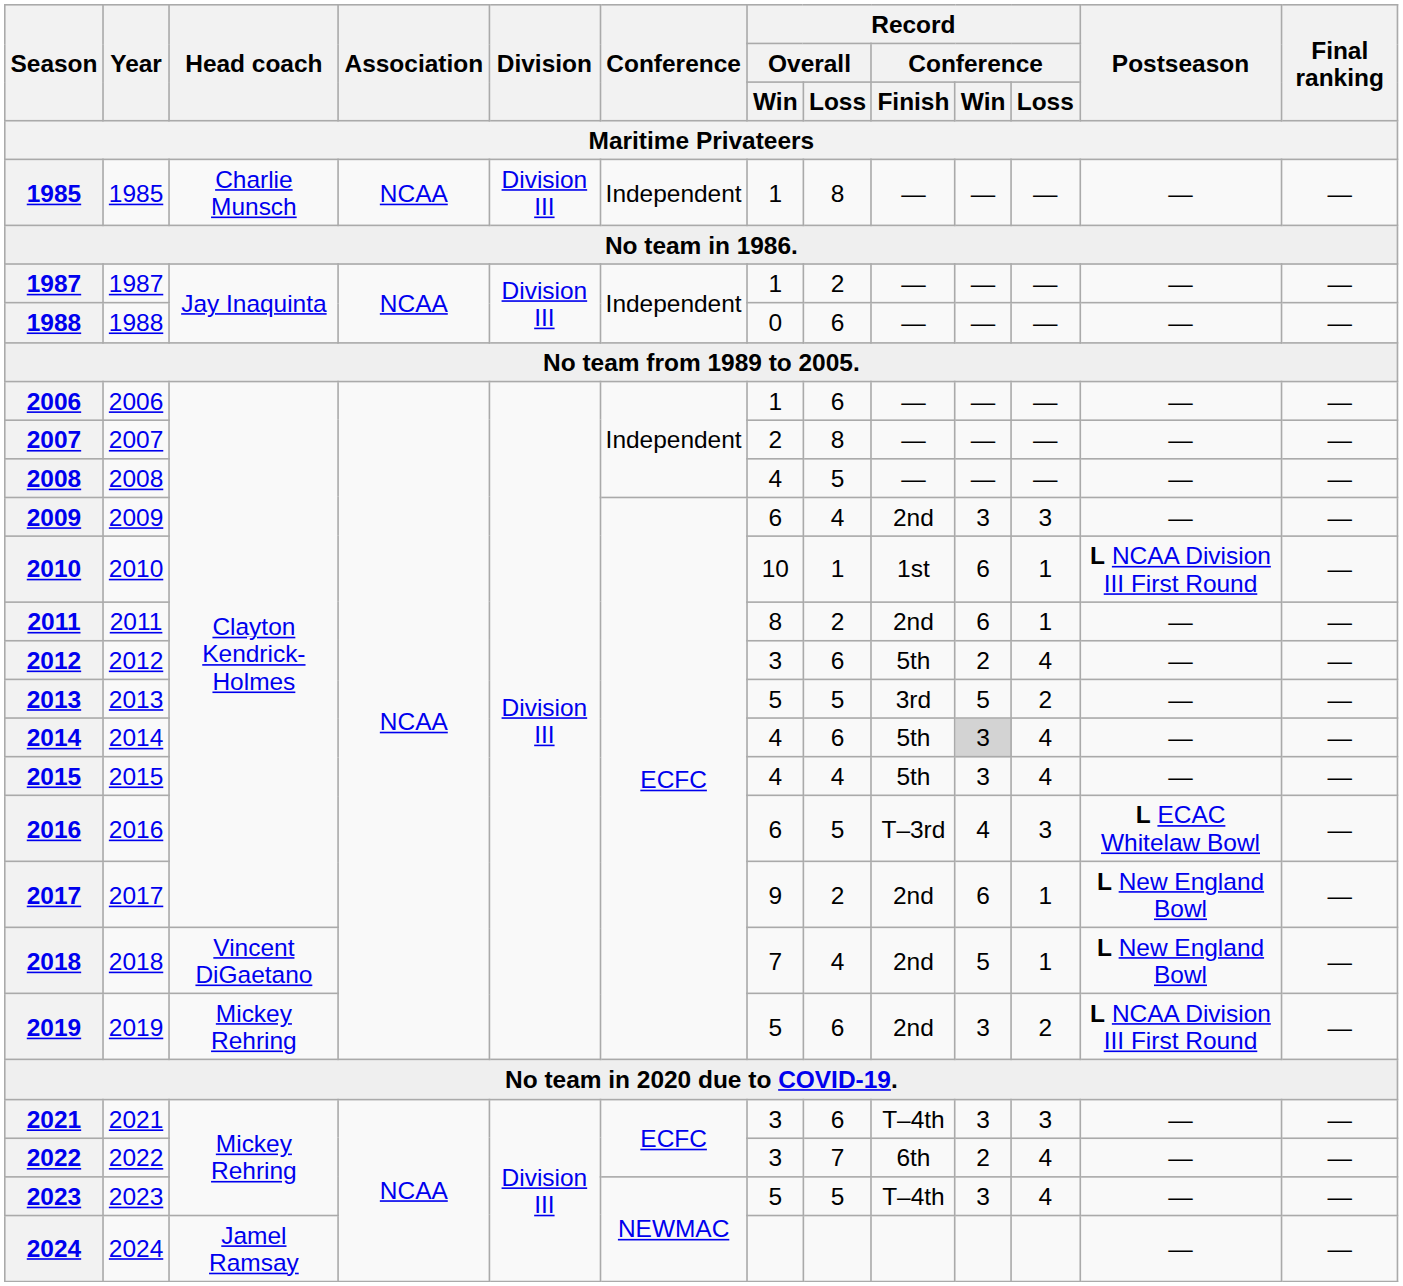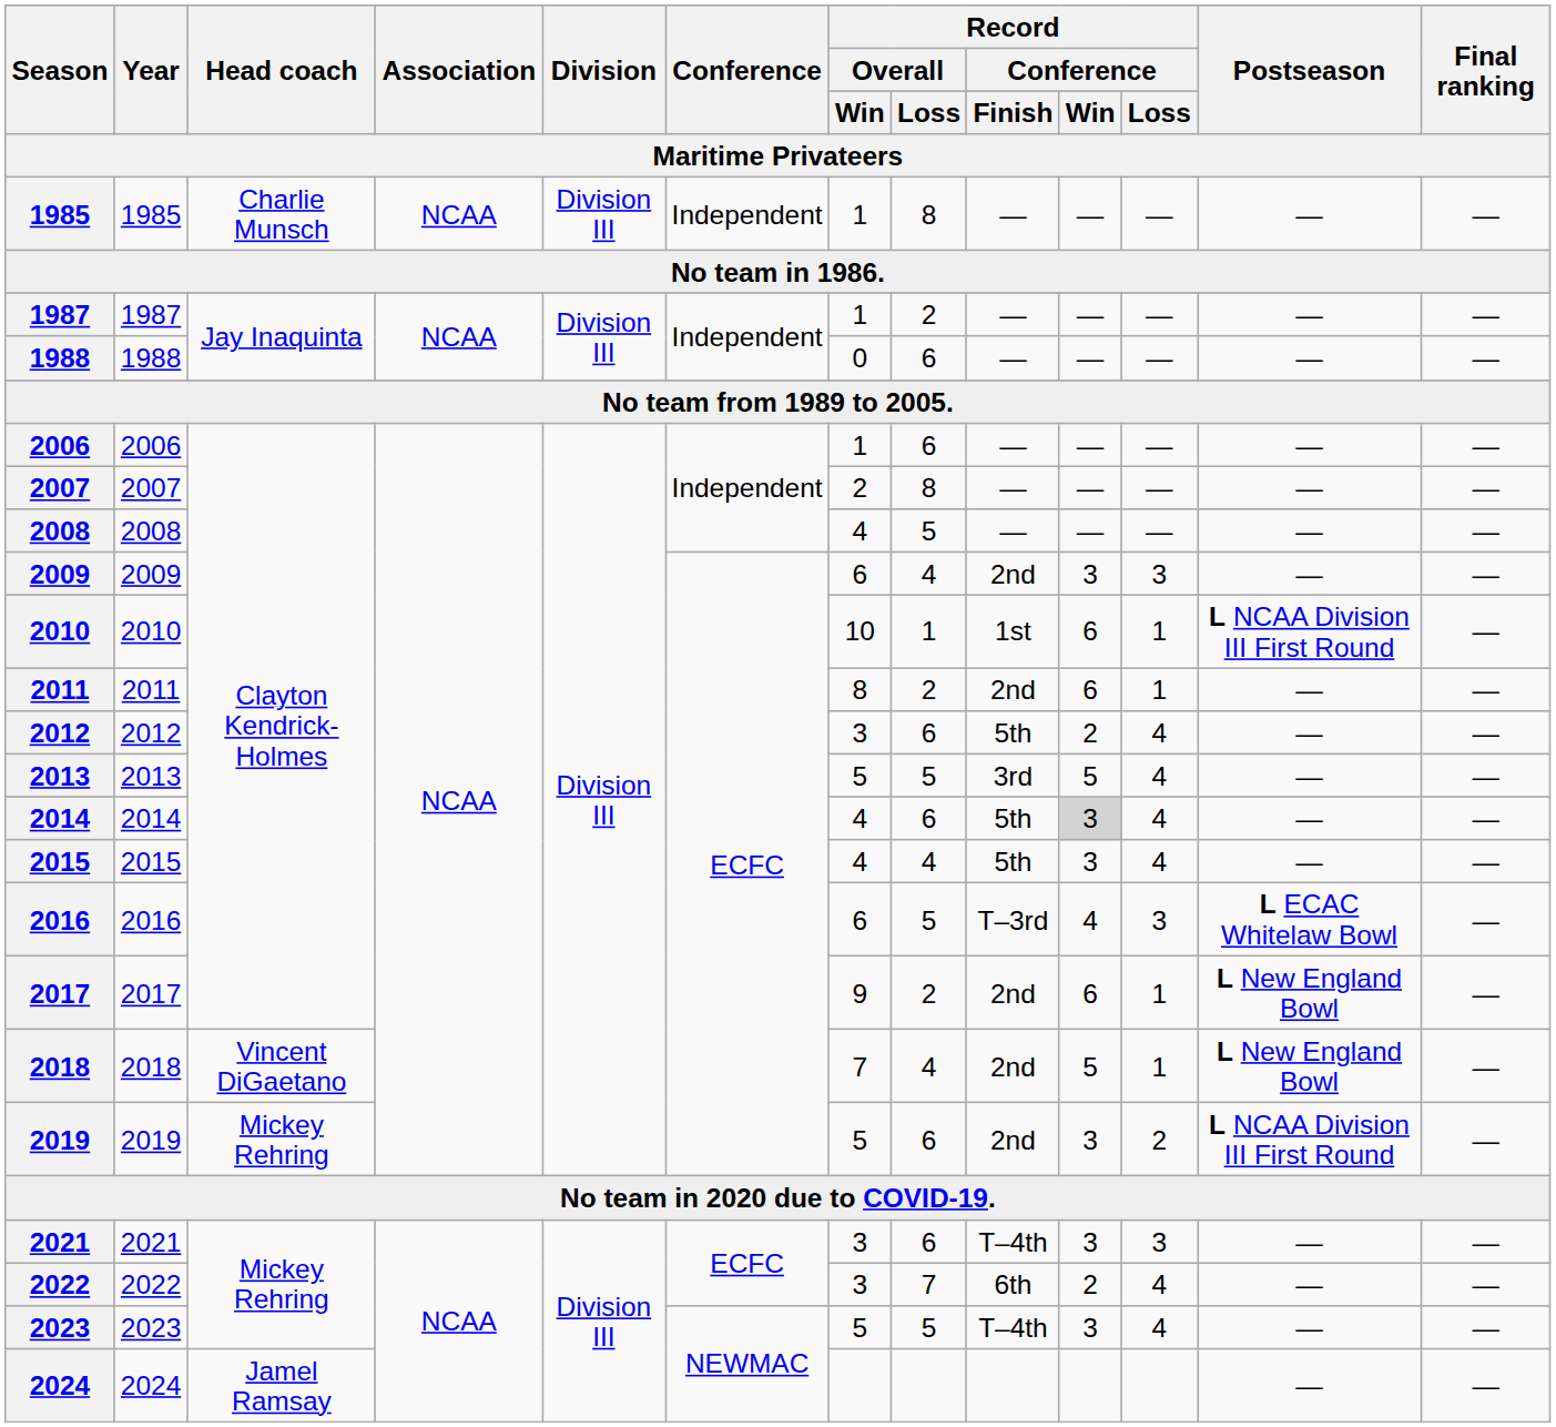 <table class="wikitable" style="font-size: 95%; width:98%;text-align:center;">
 <tr>
 <th rowspan="3">Season</th>
 <th rowspan="3">Year</th>
 <th rowspan="3">Head coach</th>
 <th rowspan="3">Association</th>
 <th rowspan="3">Division</th>
 <th rowspan="3">Conference</th>
 <th colspan="5">Record</th>
 <th rowspan="3">Postseason</th>
 <th rowspan="3">Final ranking</th>
 </tr>
 <tr>
 <th colspan="2">Overall</th>
 <th colspan="3">Conference</th>
 </tr>
 <tr>
 <th>Win</th>
 <th>Loss</th>
 <th>Finish</th>
 <th>Win</th>
 <th>Loss</th>
 </tr>
 <tr>
 <th colspan="15">Maritime Privateers</th>
 </tr>
 <tr>
 <th><a href='#'>1985</a></th>
 <td><a href='#'>1985</a></td>
 <td><a href='#'>Charlie Munsch</a></td>
 <td><a href='#'>NCAA</a></td>
 <td><a href='#'>Division III</a></td>
 <td>Independent</td>
 <td>1</td>
 <td>8</td>
 <td>—</td>
 <td>—</td>
 <td>—</td>
 <td>—</td>
 <td>—</td>
 </tr>
 <tr>
 <th colspan="15" style="background:#efefef">No team in 1986.</th>
 </tr>
 <tr>
 <th><a href='#'>1987</a></th>
 <td><a href='#'>1987</a></td>
 <td rowspan="2"><a href='#'>Jay Inaquinta</a></td>
 <td rowspan="2"><a href='#'>NCAA</a></td>
 <td rowspan="2"><a href='#'>Division III</a></td>
 <td rowspan="2">Independent</td>
 <td>1</td>
 <td>2</td>
 <td>—</td>
 <td>—</td>
 <td>—</td>
 <td>—</td>
 <td>—</td>
 </tr>
 <tr>
 <th><a href='#'>1988</a></th>
 <td><a href='#'>1988</a></td>
 <td>0</td>
 <td>6</td>
 <td>—</td>
 <td>—</td>
 <td>—</td>
 <td>—</td>
 <td>—</td>
 </tr>
 <tr>
 <th colspan="15" style="background:#efefef">No team from 1989 to 2005.</th>
 </tr>
 <tr>
 <th><a href='#'>2006</a></th>
 <td><a href='#'>2006</a></td>
 <td rowspan="12"><a href='#'>Clayton Kendrick-Holmes</a></td>
 <td rowspan="14"><a href='#'>NCAA</a></td>
 <td rowspan="14"><a href='#'>Division III</a></td>
 <td rowspan="3">Independent</td>
 <td>1</td>
 <td>6</td>
 <td>—</td>
 <td>—</td>
 <td>—</td>
 <td>—</td>
 <td>—</td>
 </tr>
 <tr>
 <th><a href='#'>2007</a></th>
 <td><a href='#'>2007</a></td>
 <td>2</td>
 <td>8</td>
 <td>—</td>
 <td>—</td>
 <td>—</td>
 <td>—</td>
 <td>—</td>
 </tr>
 <tr>
 <th><a href='#'>2008</a></th>
 <td><a href='#'>2008</a></td>
 <td>4</td>
 <td>5</td>
 <td>—</td>
 <td>—</td>
 <td>—</td>
 <td>—</td>
 <td>—</td>
 </tr>
 <tr>
 <th><a href='#'>2009</a></th>
 <td><a href='#'>2009</a></td>
 <td rowspan="11"><a href='#'>ECFC</a></td>
 <td>6</td>
 <td>4</td>
 <td>2nd</td>
 <td>3</td>
 <td>3</td>
 <td>—</td>
 <td>—</td>
 </tr>
 <tr>
 <th><a href='#'>2010</a></th>
 <td><a href='#'>2010</a></td>
 <td>10</td>
 <td>1</td>
 <td>1st</td>
 <td>6</td>
 <td>1</td>
 <td><strong>L</strong> <a href='#'>NCAA Division III First Round</a></td>
 <td>—</td>
 </tr>
 <tr>
 <th><a href='#'>2011</a></th>
 <td><a href='#'>2011</a></td>
 <td>8</td>
 <td>2</td>
 <td>2nd</td>
 <td>6</td>
 <td>1</td>
 <td>—</td>
 <td>—</td>
 </tr>
 <tr>
 <th><a href='#'>2012</a></th>
 <td><a href='#'>2012</a></td>
 <td>3</td>
 <td>6</td>
 <td>5th</td>
 <td>2</td>
 <td>4</td>
 <td>—</td>
 <td>—</td>
 </tr>
 <tr>
 <th><a href='#'>2013</a></th>
 <td><a href='#'>2013</a></td>
 <td>5</td>
 <td>5</td>
 <td>3rd</td>
 <td>5</td>
-<td>2</td>
+<td>4</td>
 <td>—</td>
 <td>—</td>
 </tr>
 <tr>
 <th><a href='#'>2014</a></th>
 <td><a href='#'>2014</a></td>
 <td>4</td>
 <td>6</td>
 <td>5th</td>
 <td style="background: lightgrey;">3</td>
 <td>4</td>
 <td>—</td>
 <td>—</td>
 </tr>
 <tr>
 <th><a href='#'>2015</a></th>
 <td><a href='#'>2015</a></td>
 <td>4</td>
 <td>4</td>
 <td>5th</td>
 <td>3</td>
 <td>4</td>
 <td>—</td>
 <td>—</td>
 </tr>
 <tr>
 <th><a href='#'>2016</a></th>
 <td><a href='#'>2016</a></td>
 <td>6</td>
 <td>5</td>
 <td>T–3rd</td>
 <td>4</td>
 <td>3</td>
 <td><strong>L</strong> <a href='#'>ECAC Whitelaw Bowl</a></td>
 <td>—</td>
 </tr>
 <tr>
 <th><a href='#'>2017</a></th>
 <td><a href='#'>2017</a></td>
 <td>9</td>
 <td>2</td>
 <td>2nd</td>
 <td>6</td>
 <td>1</td>
 <td><strong>L</strong> <a href='#'>New England Bowl</a></td>
 <td>—</td>
 </tr>
 <tr>
 <th><a href='#'>2018</a></th>
 <td><a href='#'>2018</a></td>
 <td><a href='#'>Vincent DiGaetano</a></td>
 <td>7</td>
 <td>4</td>
 <td>2nd</td>
 <td>5</td>
 <td>1</td>
 <td><strong>L</strong> <a href='#'>New England Bowl</a></td>
 <td>—</td>
 </tr>
 <tr>
 <th><a href='#'>2019</a></th>
 <td><a href='#'>2019</a></td>
 <td><a href='#'>Mickey Rehring</a></td>
 <td>5</td>
 <td>6</td>
 <td>2nd</td>
 <td>3</td>
 <td>2</td>
 <td><strong>L</strong> <a href='#'>NCAA Division III First Round</a></td>
 <td>—</td>
 </tr>
 <tr>
 <th colspan="15" style="background:#efefef">No team in 2020 due to <a href='#'>COVID-19</a>.</th>
 </tr>
 <tr>
 <th><a href='#'>2021</a></th>
 <td><a href='#'>2021</a></td>
 <td rowspan="3"><a href='#'>Mickey Rehring</a></td>
 <td rowspan="4"><a href='#'>NCAA</a></td>
 <td rowspan="4"><a href='#'>Division III</a></td>
 <td rowspan="2"><a href='#'>ECFC</a></td>
 <td>3</td>
 <td>6</td>
 <td>T–4th</td>
 <td>3</td>
 <td>3</td>
 <td>—</td>
 <td>—</td>
 </tr>
 <tr>
 <th><a href='#'>2022</a></th>
 <td><a href='#'>2022</a></td>
 <td>3</td>
 <td>7</td>
 <td>6th</td>
 <td>2</td>
 <td>4</td>
 <td>—</td>
 <td>—</td>
 </tr>
 <tr>
 <th><a href='#'>2023</a></th>
 <td><a href='#'>2023</a></td>
 <td rowspan="2"><a href='#'>NEWMAC</a></td>
 <td>5</td>
 <td>5</td>
 <td>T–4th</td>
 <td>3</td>
 <td>4</td>
 <td>—</td>
 <td>—</td>
 </tr>
 <tr>
 <th><a href='#'>2024</a></th>
 <td><a href='#'>2024</a></td>
 <td><a href='#'>Jamel Ramsay</a></td>
 <td></td>
 <td></td>
 <td></td>
 <td></td>
 <td></td>
 <td>—</td>
 <td>—</td>
 </tr>
 </table>
